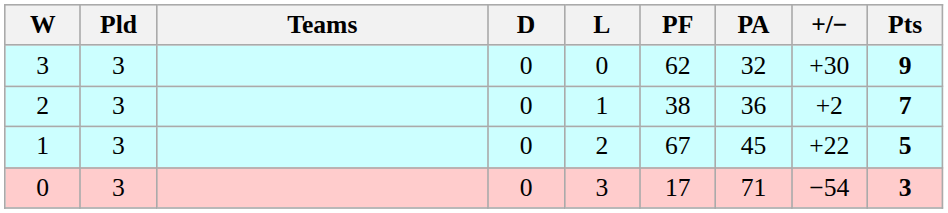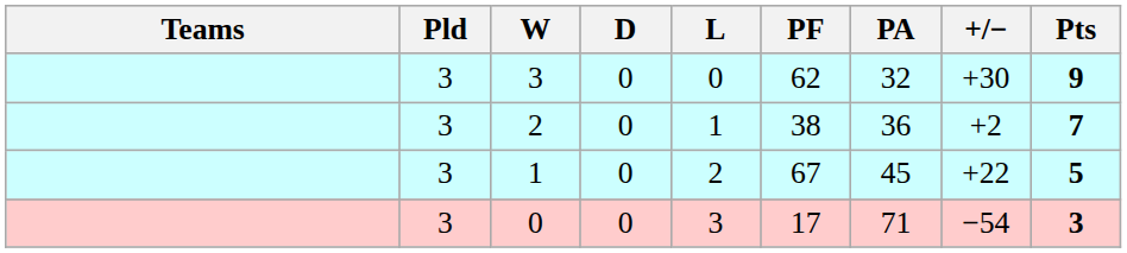 <table class="wikitable" style="text-align: center;">
 <tr>
+<th width="200">Teams</th>
+<th width="40">Pld</th>
 <th width="40">W</th>
-<th width="40">Pld</th>
-<th width="200">Teams</th>
 <th width="40">D</th>
 <th width="40">L</th>
 <th width="40">PF</th>
 <th width="40">PA</th>
 <th width="40">+/−</th>
 <th width="40">Pts</th>
 </tr>
 <tr bgcolor=ccffff>
+<td align=left></td>
 <td>3</td>
 <td>3</td>
-<td align=left></td>
 <td>0</td>
 <td>0</td>
 <td>62</td>
 <td>32</td>
 <td>+30</td>
 <td><strong>9</strong></td>
 </tr>
 <tr bgcolor=ccffff>
+<td align=left></td>
+<td>3</td>
 <td>2</td>
-<td>3</td>
-<td align=left></td>
 <td>0</td>
 <td>1</td>
 <td>38</td>
 <td>36</td>
 <td>+2</td>
 <td><strong>7</strong></td>
 </tr>
 <tr bgcolor=ccffff>
+<td align=left></td>
+<td>3</td>
 <td>1</td>
-<td>3</td>
-<td align=left></td>
 <td>0</td>
 <td>2</td>
 <td>67</td>
 <td>45</td>
 <td>+22</td>
 <td><strong>5</strong></td>
 </tr>
 <tr bgcolor=ffcccc>
+<td align=left></td>
+<td>3</td>
 <td>0</td>
-<td>3</td>
-<td align=left></td>
 <td>0</td>
 <td>3</td>
 <td>17</td>
 <td>71</td>
 <td>−54</td>
 <td><strong>3</strong></td>
 </tr>
 </table>
